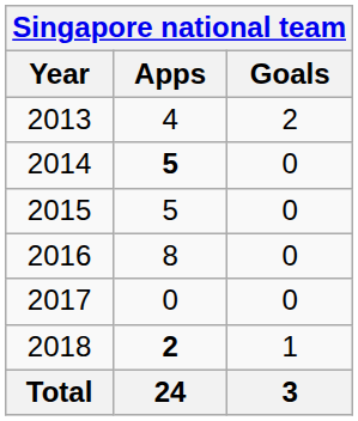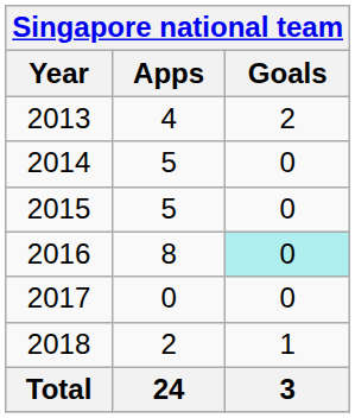 <table class="wikitable" style="text-align:center">
 <tr>
 <th colspan=3><a href='#'>Singapore national team</a></th>
 </tr>
 <tr>
 <th>Year</th>
 <th>Apps</th>
 <th>Goals</th>
 </tr>
 <tr>
 <td>2013</td>
 <td>4</td>
 <td>2</td>
 </tr>
 <tr>
 <td>2014</td>
-<td><strong>5</strong></td>
+<td>5</td>
 <td>0</td>
 </tr>
 <tr>
 <td>2015</td>
 <td>5</td>
 <td>0</td>
 </tr>
 <tr>
 <td>2016</td>
 <td>8</td>
-<td>0</td>
+<td style="background: paleturquoise;">0</td>
 </tr>
 <tr>
 <td>2017</td>
 <td>0</td>
 <td>0</td>
 </tr>
 <tr>
 <td>2018</td>
-<td><strong>2</strong></td>
+<td>2</td>
 <td>1</td>
 </tr>
 <tr>
 <th>Total</th>
 <th>24</th>
 <th>3</th>
 </tr>
 </table>
